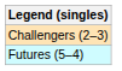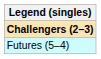 <table class="wikitable">
 <tr>
 <th>Legend (singles)</th>
 </tr>
 <tr bgcolor="moccasin">
-<td>Challengers (2–3)</td>
+<td><strong>Challengers (2–3)</strong></td>
 </tr>
 <tr bgcolor="CFFCFF">
 <td>Futures (5–4)</td>
 </tr>
 </table>
